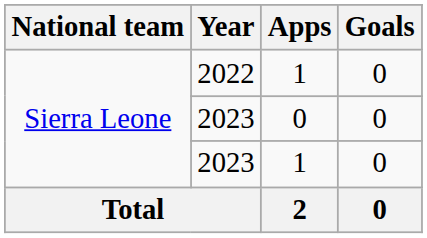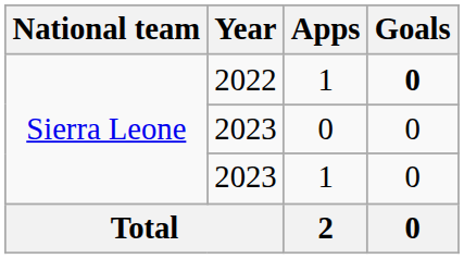 <table class="wikitable" style="text-align:center">
 <tr>
 <th>National team</th>
 <th>Year</th>
 <th>Apps</th>
 <th>Goals</th>
 </tr>
 <tr>
 <td rowspan="3"><a href='#'>Sierra Leone</a></td>
 <td>2022</td>
 <td>1</td>
-<td>0</td>
+<td><strong>0</strong></td>
 </tr>
 <tr>
 <td>2023</td>
 <td>0</td>
 <td>0</td>
 </tr>
 <tr>
 <td>2023</td>
 <td>1</td>
 <td>0</td>
 </tr>
 <tr>
 <th colspan="2">Total</th>
 <th>2</th>
 <th>0</th>
 </tr>
 </table>
